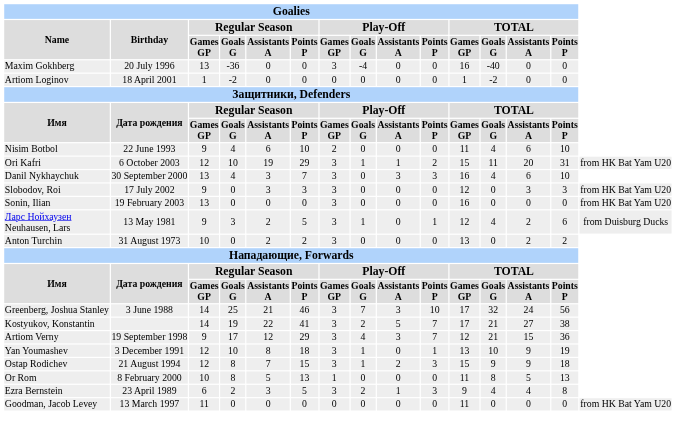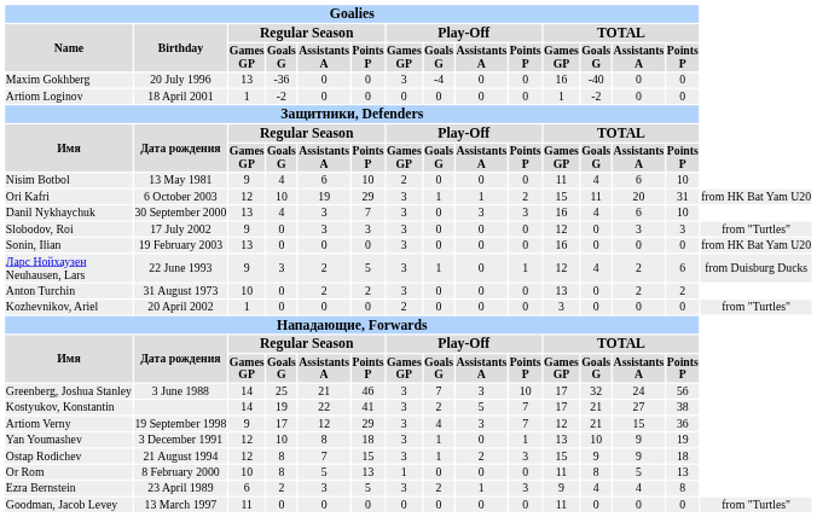 <table width: 100%;>
 <tr bgcolor="#B0D3FB">
 <td align=center colspan=14><big><strong>Goalies</strong></big></td>
 </tr>
 <tr bgcolor="#dddddd">
 <th width: 10em rowspan=2>Name</th>
 <th width: 10em rowspan=2>Birthday</th>
 <th align=center colspan=4><big><strong>Regular Season</strong></big></th>
 <th align=center colspan=4><big><strong>Play-Off</strong></big></th>
 <th align=center colspan=4><big><strong>TOTAL</strong></big></th>
 </tr>
 <tr bgcolor="#dddddd">
 <th width: 4em>Games<br>GP</th>
 <th width: 4em>Goals<br>G</th>
 <th width: 4em>Assistants<br>A</th>
 <th width: 4em>Points<br>P</th>
 <th width: 4em>Games<br>GP</th>
 <th width: 4em>Goals<br>G</th>
 <th width: 4em>Assistants<br>A</th>
 <th width: 4em>Points<br>P</th>
 <th width: 4em>Games<br>GP</th>
 <th width: 4em>Goals<br>G</th>
 <th width: 4em>Assistants<br>A</th>
 <th width: 4em>Points<br>P</th>
 </tr>
 <tr bgcolor="#eeeeee" align=center>
 <td align=left>Maxim Gokhberg</td>
 <td>20 July 1996</td>
 <td>13</td>
 <td>-36</td>
 <td>0</td>
 <td>0</td>
 <td>3</td>
 <td>-4</td>
 <td>0</td>
 <td>0</td>
 <td>16</td>
 <td>-40</td>
 <td>0</td>
 <td>0</td>
 </tr>
 <tr bgcolor="#eeeeee" align=center>
 <td align=left>Artiom Loginov</td>
 <td>18 April 2001</td>
 <td>1</td>
 <td>-2</td>
 <td>0</td>
 <td>0</td>
 <td>0</td>
 <td>0</td>
 <td>0</td>
 <td>0</td>
 <td>1</td>
 <td>-2</td>
 <td>0</td>
 <td>0</td>
 </tr>
 <tr bgcolor="#B0D3FB">
 <td align=center colspan=14><big><strong>Защитники,</strong> <strong>Defenders</strong></big></td>
 </tr>
 <tr bgcolor="#dddddd">
 <th width: 10em rowspan=2>Имя</th>
 <th width: 10em rowspan=2>Дата рождения</th>
 <th align=center colspan=4><big><strong>Regular Season</strong></big></th>
 <th align=center colspan=4><big><strong>Play-Off</strong></big></th>
 <th align=center colspan=4><big><strong>TOTAL</strong></big></th>
 </tr>
 <tr bgcolor="#dddddd">
 <th width: 4em>Games<br>GP</th>
 <th width: 4em>Goals<br>G</th>
 <th width: 4em>Assistants<br>A</th>
 <th width: 4em>Points<br>P</th>
 <th width: 4em>Games<br>GP</th>
 <th width: 4em>Goals<br>G</th>
 <th width: 4em>Assistants<br>A</th>
 <th width: 4em>Points<br>P</th>
 <th width: 4em>Games<br>GP</th>
 <th width: 4em>Goals<br>G</th>
 <th width: 4em>Assistants<br>A</th>
 <th width: 4em>Points<br>P</th>
 </tr>
 <tr bgcolor="#eeeeee" align=center>
 <td align=left>Nisim Botbol</td>
-<td>22 June 1993</td>
+<td>13 May 1981</td>
 <td>9</td>
 <td>4</td>
 <td>6</td>
 <td>10</td>
 <td>2</td>
 <td>0</td>
 <td>0</td>
 <td>0</td>
 <td>11</td>
 <td>4</td>
 <td>6</td>
 <td>10</td>
 </tr>
 <tr bgcolor="#eeeeee" align=center>
 <td align=left>Ori Kafri</td>
 <td>6 October 2003</td>
 <td>12</td>
 <td>10</td>
 <td>19</td>
 <td>29</td>
 <td>3</td>
 <td>1</td>
 <td>1</td>
 <td>2</td>
 <td>15</td>
 <td>11</td>
 <td>20</td>
 <td>31</td>
 <td>from HK Bat Yam U20</td>
 </tr>
 <tr bgcolor="#eeeeee" align=center>
 <td align=left>Danil Nykhaychuk</td>
 <td>30 September 2000</td>
 <td>13</td>
 <td>4</td>
 <td>3</td>
 <td>7</td>
 <td>3</td>
 <td>0</td>
 <td>3</td>
 <td>3</td>
 <td>16</td>
 <td>4</td>
 <td>6</td>
 <td>10</td>
 </tr>
 <tr bgcolor="#eeeeee" align=center>
 <td align=left>Slobodov, Roi</td>
 <td>17 July 2002</td>
 <td>9</td>
 <td>0</td>
 <td>3</td>
 <td>3</td>
 <td>3</td>
 <td>0</td>
 <td>0</td>
 <td>0</td>
 <td>12</td>
 <td>0</td>
 <td>3</td>
 <td>3</td>
-<td>from HK Bat Yam U20</td>
+<td>from "Turtles"</td>
 </tr>
 <tr bgcolor="#eeeeee" align=center>
 <td align=left>Sonin, Ilian</td>
 <td>19 February 2003</td>
 <td>13</td>
 <td>0</td>
 <td>0</td>
 <td>0</td>
 <td>3</td>
 <td>0</td>
 <td>0</td>
 <td>0</td>
 <td>16</td>
 <td>0</td>
 <td>0</td>
 <td>0</td>
 <td>from HK Bat Yam U20</td>
 </tr>
 <tr bgcolor="#eeeeee" align=center>
 <td align=left><a href='#'>Ларс Нойхаузен</a><br>Neuhausen, Lars</td>
-<td>13 May 1981</td>
+<td>22 June 1993</td>
 <td>9</td>
 <td>3</td>
 <td>2</td>
 <td>5</td>
 <td>3</td>
 <td>1</td>
 <td>0</td>
 <td>1</td>
 <td>12</td>
 <td>4</td>
 <td>2</td>
 <td>6</td>
 <td>from Duisburg Ducks</td>
 </tr>
 <tr bgcolor="#eeeeee" align=center>
 <td align=left>Anton Turchin</td>
 <td>31 August 1973</td>
 <td>10</td>
 <td>0</td>
 <td>2</td>
 <td>2</td>
 <td>3</td>
 <td>0</td>
 <td>0</td>
 <td>0</td>
 <td>13</td>
 <td>0</td>
 <td>2</td>
 <td>2</td>
+</tr>
+<tr bgcolor="#eeeeee" align=center>
+<td align=left>Kozhevnikov, Ariel</td>
+<td>20 April 2002</td>
+<td>1</td>
+<td>0</td>
+<td>0</td>
+<td>0</td>
+<td>2</td>
+<td>0</td>
+<td>0</td>
+<td>0</td>
+<td>3</td>
+<td>0</td>
+<td>0</td>
+<td>0</td>
+<td>from "Turtles"</td>
 </tr>
 <tr bgcolor="#B0D3FB">
 <td align=center colspan=14><big><strong>Нападающие,</strong> <strong>Forwards</strong></big></td>
 </tr>
 <tr bgcolor="#dddddd">
 <th width: 10em rowspan=2>Имя</th>
 <th width: 10em rowspan=2>Дата рождения</th>
 <th align=center colspan=4><big><strong>Regular Season</strong></big></th>
 <th align=center colspan=4><big><strong>Play-Off</strong></big></th>
 <th align=center colspan=4><big><strong>TOTAL</strong></big></th>
 </tr>
 <tr bgcolor="#dddddd">
 <th width: 4em>Games<br>GP</th>
 <th width: 4em>Goals<br>G</th>
 <th width: 4em>Assistants<br>A</th>
 <th width: 4em>Points<br>P</th>
 <th width: 4em>Games<br>GP</th>
 <th width: 4em>Goals<br>G</th>
 <th width: 4em>Assistants<br>A</th>
 <th width: 4em>Points<br>P</th>
 <th width: 4em>Games<br>GP</th>
 <th width: 4em>Goals<br>G</th>
 <th width: 4em>Assistants<br>A</th>
 <th width: 4em>Points<br>P</th>
 </tr>
 <tr bgcolor="#eeeeee" align=center>
 <td align=left>Greenberg, Joshua Stanley</td>
 <td>3 June 1988</td>
 <td>14</td>
 <td>25</td>
 <td>21</td>
 <td>46</td>
 <td>3</td>
 <td>7</td>
 <td>3</td>
 <td>10</td>
 <td>17</td>
 <td>32</td>
 <td>24</td>
 <td>56</td>
 </tr>
 <tr bgcolor="#eeeeee" align=center>
 <td align=left>Kostyukov, Konstantin</td>
 <td></td>
 <td>14</td>
 <td>19</td>
 <td>22</td>
 <td>41</td>
 <td>3</td>
 <td>2</td>
 <td>5</td>
 <td>7</td>
 <td>17</td>
 <td>21</td>
 <td>27</td>
 <td>38</td>
 </tr>
 <tr bgcolor="#eeeeee" align=center>
 <td align=left>Artiom Verny</td>
 <td>19 September 1998</td>
 <td>9</td>
 <td>17</td>
 <td>12</td>
 <td>29</td>
 <td>3</td>
 <td>4</td>
 <td>3</td>
 <td>7</td>
 <td>12</td>
 <td>21</td>
 <td>15</td>
 <td>36</td>
 </tr>
 <tr bgcolor="#eeeeee" align="center">
 <td align="left">Yan Youmashev</td>
 <td>3 December 1991</td>
 <td>12</td>
 <td>10</td>
 <td>8</td>
 <td>18</td>
 <td>3</td>
 <td>1</td>
 <td>0</td>
 <td>1</td>
 <td>13</td>
 <td>10</td>
 <td>9</td>
 <td>19</td>
 </tr>
 <tr bgcolor="#eeeeee" align="center">
 <td align="left">Ostap Rodichev</td>
 <td>21 August 1994</td>
 <td>12</td>
 <td>8</td>
 <td>7</td>
 <td>15</td>
 <td>3</td>
 <td>1</td>
 <td>2</td>
 <td>3</td>
 <td>15</td>
 <td>9</td>
 <td>9</td>
 <td>18</td>
 </tr>
 <tr bgcolor="#eeeeee" align=center>
 <td align=left>Or Rom</td>
 <td>8 February 2000</td>
 <td>10</td>
 <td>8</td>
 <td>5</td>
 <td>13</td>
 <td>1</td>
 <td>0</td>
 <td>0</td>
 <td>0</td>
 <td>11</td>
 <td>8</td>
 <td>5</td>
 <td>13</td>
 </tr>
 <tr bgcolor="#eeeeee" align=center>
 <td align="left">Ezra Bernstein</td>
 <td>23 April 1989</td>
 <td>6</td>
 <td>2</td>
 <td>3</td>
 <td>5</td>
 <td>3</td>
 <td>2</td>
 <td>1</td>
 <td>3</td>
 <td>9</td>
 <td>4</td>
 <td>4</td>
 <td>8</td>
 </tr>
 <tr bgcolor="#eeeeee" align=center>
 <td align=left>Goodman, Jacob Levey</td>
 <td>13 March 1997</td>
 <td>11</td>
 <td>0</td>
 <td>0</td>
 <td>0</td>
 <td>0</td>
 <td>0</td>
 <td>0</td>
 <td>0</td>
 <td>11</td>
 <td>0</td>
 <td>0</td>
 <td>0</td>
-<td>from HK Bat Yam U20</td>
+<td>from "Turtles"</td>
 </tr>
 </table>
